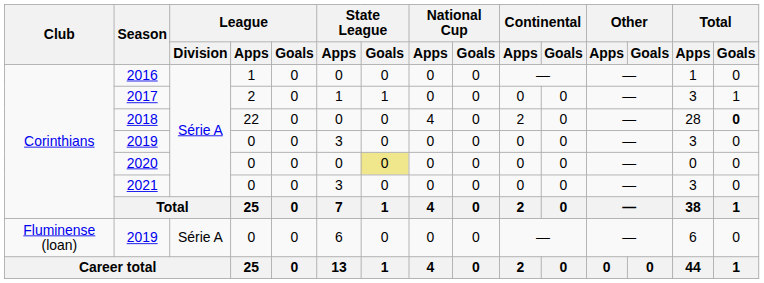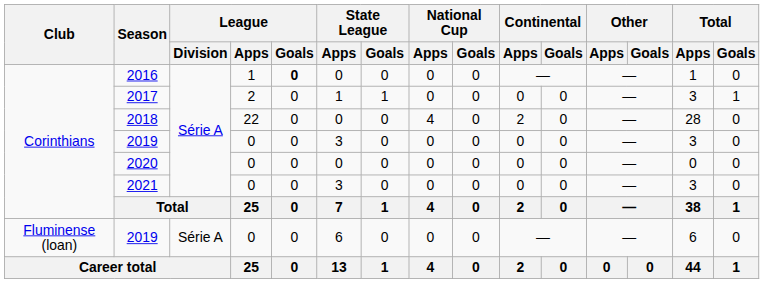 <table class="wikitable" style="text-align: center;">
 <tr>
 <th rowspan="2">Club</th>
 <th rowspan="2">Season</th>
 <th colspan="3">League</th>
 <th colspan="2">State League</th>
 <th colspan="2">National Cup</th>
 <th colspan="2">Continental</th>
 <th colspan="2">Other</th>
 <th colspan="2">Total</th>
 </tr>
 <tr>
 <th>Division</th>
 <th>Apps</th>
 <th>Goals</th>
 <th>Apps</th>
 <th>Goals</th>
 <th>Apps</th>
 <th>Goals</th>
 <th>Apps</th>
 <th>Goals</th>
 <th>Apps</th>
 <th>Goals</th>
 <th>Apps</th>
 <th>Goals</th>
 </tr>
 <tr>
 <td rowspan="7"><a href='#'>Corinthians</a></td>
 <td><a href='#'>2016</a></td>
 <td rowspan="6"><a href='#'>Série A</a></td>
 <td>1</td>
-<td>0</td>
+<td><strong>0</strong></td>
 <td>0</td>
 <td>0</td>
 <td>0</td>
 <td>0</td>
 <td colspan="2">—</td>
 <td colspan="2">—</td>
 <td>1</td>
 <td>0</td>
 </tr>
 <tr>
 <td><a href='#'>2017</a></td>
 <td>2</td>
 <td>0</td>
 <td>1</td>
 <td>1</td>
 <td>0</td>
 <td>0</td>
 <td>0</td>
 <td>0</td>
 <td colspan="2">—</td>
 <td>3</td>
 <td>1</td>
 </tr>
 <tr>
 <td><a href='#'>2018</a></td>
 <td>22</td>
 <td>0</td>
 <td>0</td>
 <td>0</td>
 <td>4</td>
 <td>0</td>
 <td>2</td>
 <td>0</td>
 <td colspan="2">—</td>
 <td>28</td>
-<td><strong>0</strong></td>
+<td>0</td>
 </tr>
 <tr>
 <td><a href='#'>2019</a></td>
 <td>0</td>
 <td>0</td>
 <td>3</td>
 <td>0</td>
 <td>0</td>
 <td>0</td>
 <td>0</td>
 <td>0</td>
 <td colspan="2">—</td>
 <td>3</td>
 <td>0</td>
 </tr>
 <tr>
 <td><a href='#'>2020</a></td>
 <td>0</td>
 <td>0</td>
 <td>0</td>
-<td style="background: khaki;">0</td>
+<td>0</td>
 <td>0</td>
 <td>0</td>
 <td>0</td>
 <td>0</td>
 <td colspan="2">—</td>
 <td>0</td>
 <td>0</td>
 </tr>
 <tr>
 <td><a href='#'>2021</a></td>
 <td>0</td>
 <td>0</td>
 <td>3</td>
 <td>0</td>
 <td>0</td>
 <td>0</td>
 <td>0</td>
 <td>0</td>
 <td colspan="2">—</td>
 <td>3</td>
 <td>0</td>
 </tr>
 <tr>
 <th colspan="2">Total</th>
 <th>25</th>
 <th>0</th>
 <th>7</th>
 <th>1</th>
 <th>4</th>
 <th>0</th>
 <th>2</th>
 <th>0</th>
 <th colspan="2">—</th>
 <th>38</th>
 <th>1</th>
 </tr>
 <tr>
 <td><a href='#'>Fluminense</a> (loan)</td>
 <td><a href='#'>2019</a></td>
 <td>Série A</td>
 <td>0</td>
 <td>0</td>
 <td>6</td>
 <td>0</td>
 <td>0</td>
 <td>0</td>
 <td colspan="2">—</td>
 <td colspan="2">—</td>
 <td>6</td>
 <td>0</td>
 </tr>
 <tr>
 <th colspan="3"><strong>Career total</strong></th>
 <th>25</th>
 <th>0</th>
 <th>13</th>
 <th>1</th>
 <th>4</th>
 <th>0</th>
 <th>2</th>
 <th>0</th>
 <th>0</th>
 <th>0</th>
 <th>44</th>
 <th>1</th>
 </tr>
 </table>
